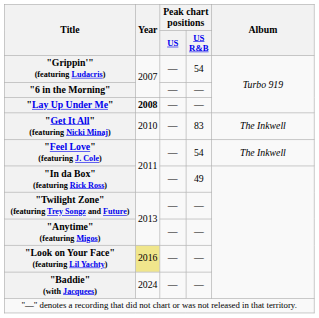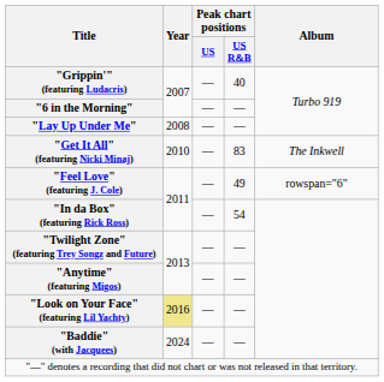 <table class="wikitable plainrowheaders" style="text-align:center;" border="1">
 <tr>
 <th scope="col" rowspan="2" style="width:13em;">Title</th>
 <th scope="col" rowspan="2" style="width:1em;">Year</th>
 <th scope="col" colspan="2">Peak chart positions</th>
 <th scope="col" rowspan="2" style="width:10em;">Album</th>
 </tr>
 <tr>
 <th scope="col" style="width:2.5em;font-size:90%;"><a href='#'>US</a><br></th>
 <th scope="col" style="width:2.5em;font-size:90%;"><a href='#'>US R&B</a></th>
 </tr>
 <tr>
 <th scope="row">"Grippin'"<br><small>(featuring <a href='#'>Ludacris</a>)</small></th>
 <td rowspan="2">2007</td>
 <td>—</td>
-<td>54</td>
+<td>40</td>
 <td rowspan="3"><em>Turbo 919</em></td>
 </tr>
 <tr>
 <th scope="row">"6 in the Morning"</th>
 <td>—</td>
 <td>—</td>
 </tr>
 <tr>
 <th scope="row">"<a href='#'>Lay Up Under Me</a>"</th>
-<td><strong>2008</strong></td>
+<td>2008</td>
 <td>—</td>
 <td>—</td>
 </tr>
 <tr>
 <th scope="row">"<a href='#'>Get It All</a>"<br><small>(featuring <a href='#'>Nicki Minaj</a>)</small></th>
 <td>2010</td>
 <td>—</td>
 <td>83</td>
 <td><em>The Inkwell</em></td>
 </tr>
 <tr>
 <th scope="row">"<a href='#'>Feel Love</a>"<br><small>(featuring <a href='#'>J. Cole</a>)</small></th>
 <td rowspan="2">2011</td>
 <td>—</td>
-<td>54</td>
-<td><em>The Inkwell</em></td>
+<td>49</td>
+<td>rowspan="6" </td>
 </tr>
 <tr>
 <th scope="row">"In da Box"<br><small>(featuring <a href='#'>Rick Ross</a>)</small></th>
 <td>—</td>
-<td>49</td>
+<td>54</td>
 </tr>
 <tr>
 <th scope="row">"Twilight Zone"<br><small>(featuring <a href='#'>Trey Songz</a> and <a href='#'>Future</a>)</small></th>
 <td rowspan="2">2013</td>
 <td>—</td>
 <td>—</td>
 </tr>
 <tr>
 <th scope="row">"Anytime"<br><small>(featuring <a href='#'>Migos</a>)</small></th>
 <td>—</td>
 <td>—</td>
 </tr>
 <tr>
 <th scope="row">"Look on Your Face"<br><small>(featuring <a href='#'>Lil Yachty</a>)</small></th>
 <td style="background: khaki;">2016</td>
 <td>—</td>
 <td>—</td>
 </tr>
 <tr>
 <th scope="row">"Baddie"<br><small>(with <a href='#'>Jacquees</a>)</small></th>
 <td rowspan="1">2024</td>
 <td>—</td>
 <td>—</td>
 </tr>
 <tr>
 <td colspan="5" style="font-size:90%">"—" denotes a recording that did not chart or was not released in that territory.</td>
 </tr>
 </table>
